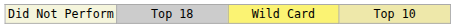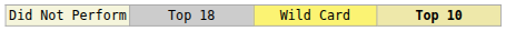 <table class="wikitable" style="margin:1em auto; text-align:center;">
 <tr>
 </tr>
 <tr>
 <td style="background:#F5F5DC;" width="25%">Did Not Perform</td>
 <td style="background:#CCCCCC;" width="25%">Top 18</td>
 <td style="background:#FBF373;" width="25%">Wild Card</td>
-<td style="background:palegoldenrod;" width="25%">Top 10</td>
+<td style="background:palegoldenrod;" width="25%"><strong>Top 10</strong></td>
 </tr>
 </table>
